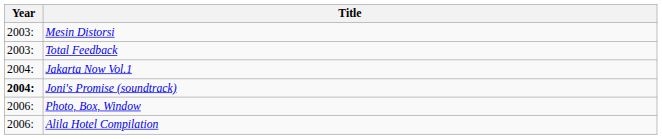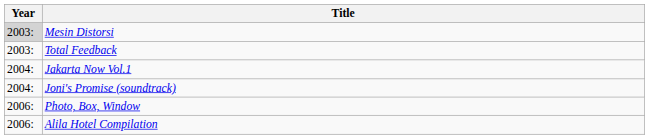 <table class="wikitable">
 <tr>
 <th width=5%>Year</th>
 <th width=80%>Title</th>
 </tr>
 <tr>
-<td>2003:</td>
+<td style="background: lightgrey;">2003:</td>
 <td><em><a href='#'>Mesin Distorsi</a></em></td>
 </tr>
 <tr>
 <td>2003:</td>
 <td><em><a href='#'>Total Feedback</a></em></td>
 </tr>
 <tr>
 <td>2004:</td>
 <td><em><a href='#'>Jakarta Now Vol.1</a></em></td>
 </tr>
 <tr>
-<td><strong>2004:</strong></td>
+<td>2004:</td>
 <td><em><a href='#'>Joni's Promise (soundtrack)</a></em></td>
 </tr>
 <tr>
 <td>2006:</td>
 <td><em><a href='#'>Photo, Box, Window</a></em></td>
 </tr>
 <tr>
 <td>2006:</td>
 <td><em><a href='#'>Alila Hotel Compilation</a></em></td>
 </tr>
 </table>
